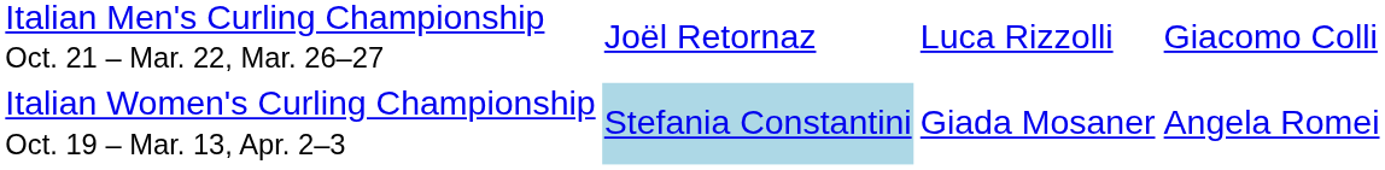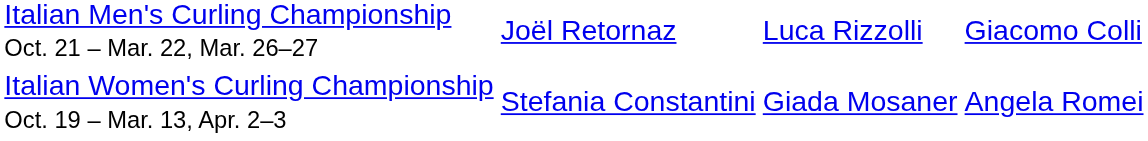 <table>
 <tr>
 <td><a href='#'>Italian Men's Curling Championship</a><br> <small>Oct. 21 – Mar. 22, Mar. 26–27</small></td>
 <td><a href='#'>Joël Retornaz</a></td>
 <td><a href='#'>Luca Rizzolli</a></td>
 <td><a href='#'>Giacomo Colli</a></td>
 </tr>
 <tr>
 <td><a href='#'>Italian Women's Curling Championship</a><br> <small>Oct. 19 – Mar. 13, Apr. 2–3</small></td>
-<td style="background: lightblue;"><a href='#'>Stefania Constantini</a></td>
+<td><a href='#'>Stefania Constantini</a></td>
 <td><a href='#'>Giada Mosaner</a></td>
 <td><a href='#'>Angela Romei</a></td>
 </tr>
 </table>
